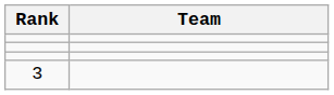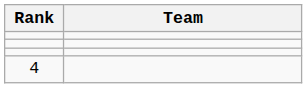 <table class="wikitable" style="text-align: center;">
 <tr>
 <th width=40>Rank</th>
 <th width=180>Team</th>
 </tr>
 <tr align=center>
 <td></td>
 <td align="left"></td>
 </tr>
 <tr align=center>
 <td></td>
 <td align="left"></td>
 </tr>
 <tr align=center>
 <td></td>
 <td align="left"></td>
 </tr>
 <tr align=center>
-<td>3</td>
+<td>4</td>
 <td style="text-align:left;"></td>
 </tr>
 </table>
